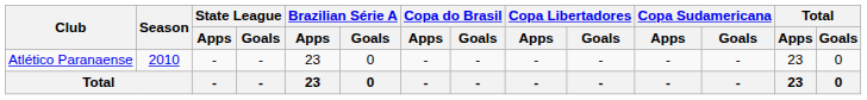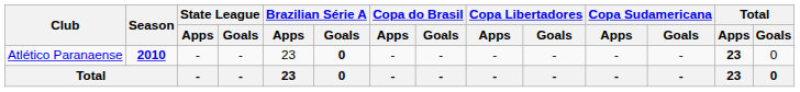 <table class="wikitable" style="text-align: center;">
 <tr>
 <th rowspan="2">Club</th>
 <th rowspan="2">Season</th>
 <th colspan="2">State League</th>
 <th colspan="2"><a href='#'>Brazilian Série A</a></th>
 <th colspan="2"><a href='#'>Copa do Brasil</a></th>
 <th colspan="2"><a href='#'>Copa Libertadores</a></th>
 <th colspan="2"><a href='#'>Copa Sudamericana</a></th>
 <th colspan="2">Total</th>
 </tr>
 <tr>
 <th>Apps</th>
 <th>Goals</th>
 <th>Apps</th>
 <th>Goals</th>
 <th>Apps</th>
 <th>Goals</th>
 <th>Apps</th>
 <th>Goals</th>
 <th>Apps</th>
 <th>Goals</th>
 <th>Apps</th>
 <th>Goals</th>
 </tr>
 <tr>
 <td rowspan="1" valign="center"><a href='#'>Atlético Paranaense</a></td>
-<td><a href='#'>2010</a></td>
+<td><strong><a href='#'>2010</a></strong></td>
 <td>-</td>
 <td>-</td>
 <td>23</td>
-<td>0</td>
+<td><strong>0</strong></td>
 <td>-</td>
 <td>-</td>
 <td>-</td>
 <td>-</td>
 <td>-</td>
 <td>-</td>
-<td>23</td>
+<td><strong>23</strong></td>
 <td>0</td>
 </tr>
 <tr>
 <th colspan="2"><strong>Total</strong></th>
 <th>-</th>
 <th>-</th>
 <th>23</th>
 <th>0</th>
 <th>-</th>
 <th>-</th>
 <th>-</th>
 <th>-</th>
 <th>-</th>
 <th>-</th>
 <th>23</th>
 <th>0</th>
 </tr>
 </table>
